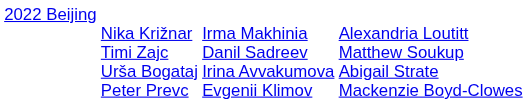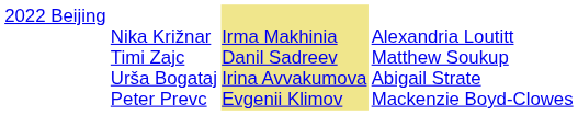 <table>
 <tr valign="top">
 </tr>
 <tr valign="top">
 <td><a href='#'>2022 Beijing</a><br></td>
 <td><br><a href='#'>Nika Križnar</a><br><a href='#'>Timi Zajc</a><br><a href='#'>Urša Bogataj</a><br><a href='#'>Peter Prevc</a></td>
-<td> <br><a href='#'>Irma Makhinia</a><br><a href='#'>Danil Sadreev</a><br><a href='#'>Irina Avvakumova</a><br><a href='#'>Evgenii Klimov</a></td>
+<td style="background: khaki;"> <br><a href='#'>Irma Makhinia</a><br><a href='#'>Danil Sadreev</a><br><a href='#'>Irina Avvakumova</a><br><a href='#'>Evgenii Klimov</a></td>
 <td><br><a href='#'>Alexandria Loutitt</a><br><a href='#'>Matthew Soukup</a><br><a href='#'>Abigail Strate</a><br><a href='#'>Mackenzie Boyd-Clowes</a></td>
 </tr>
 <tr>
 </tr>
 </table>
